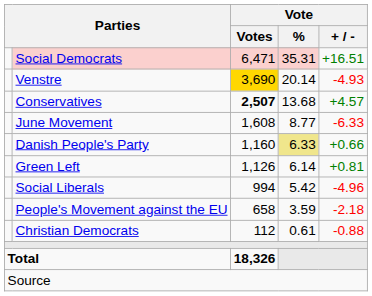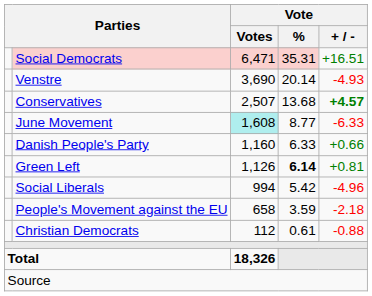 <table class="wikitable" style="text-align:right;">
 <tr>
 <th style="text-align:centre;" rowspan="2" colspan="2" width="225">Parties</th>
 <th colspan="3">Vote</th>
 </tr>
 <tr>
 <th width="15">Votes</th>
 <th width="15">%</th>
 <th width="15">+ / -</th>
 </tr>
 <tr>
 <td width="2" style="color:inherit;background:"></td>
 <td bgcolor=#fbd0ce   align="left"><a href='#'>Social Democrats</a></td>
 <td bgcolor=#fbd0ce>6,471</td>
 <td bgcolor=#fbd0ce>35.31</td>
 <td style=color:green;>+16.51</td>
 </tr>
 <tr>
 <td width="2" style="color:inherit;background:"></td>
 <td align="left"><a href='#'>Venstre</a></td>
-<td style="background: gold;">3,690</td>
+<td>3,690</td>
 <td>20.14</td>
 <td style=color:red;>-4.93</td>
 </tr>
 <tr>
 <td width="2" style="color:inherit;background:"></td>
 <td align="left"><a href='#'>Conservatives</a></td>
-<td><strong>2,507</strong></td>
+<td>2,507</td>
 <td>13.68</td>
-<td style=color:green;>+4.57</td>
+<td style=color:green;><strong>+4.57</strong></td>
 </tr>
 <tr>
 <td width="2" style="color:inherit;background:"></td>
 <td align="left"><a href='#'>June Movement</a></td>
-<td>1,608</td>
+<td style="background: paleturquoise;">1,608</td>
 <td>8.77</td>
 <td style=color:red;>-6.33</td>
 </tr>
 <tr>
 <td width="2" style="color:inherit;background:"></td>
 <td align="left"><a href='#'>Danish People's Party</a></td>
 <td>1,160</td>
-<td style="background: khaki;">6.33</td>
+<td>6.33</td>
 <td style=color:green;>+0.66</td>
 </tr>
 <tr>
 <td width="2" style="color:inherit;background:"></td>
 <td align="left"><a href='#'>Green Left</a></td>
 <td>1,126</td>
-<td>6.14</td>
+<td><strong>6.14</strong></td>
 <td style=color:green;>+0.81</td>
 </tr>
 <tr>
 <td width="2" style="color:inherit;background:"></td>
 <td align="left"><a href='#'>Social Liberals</a></td>
 <td>994</td>
 <td>5.42</td>
 <td style=color:red;>-4.96</td>
 </tr>
 <tr>
 <td width="2" style="color:inherit;background:"></td>
 <td align="left"><a href='#'>People's Movement against the EU</a></td>
 <td>658</td>
 <td>3.59</td>
 <td style=color:red;>-2.18</td>
 </tr>
 <tr>
 <td width="2" style="color:inherit;background:"></td>
 <td align="left"><a href='#'>Christian Democrats</a></td>
 <td>112</td>
 <td>0.61</td>
 <td style=color:red;>-0.88</td>
 </tr>
 <tr>
 <td colspan="7" bgcolor="#E9E9E9"></td>
 </tr>
 <tr>
 <td align="left" colspan="2"><strong>Total</strong></td>
 <td><strong>18,326</strong></td>
 <td bgcolor="#E9E9E9" colspan="2"></td>
 </tr>
 <tr>
 <td align="left" colspan="6">Source</td>
 </tr>
 </table>
